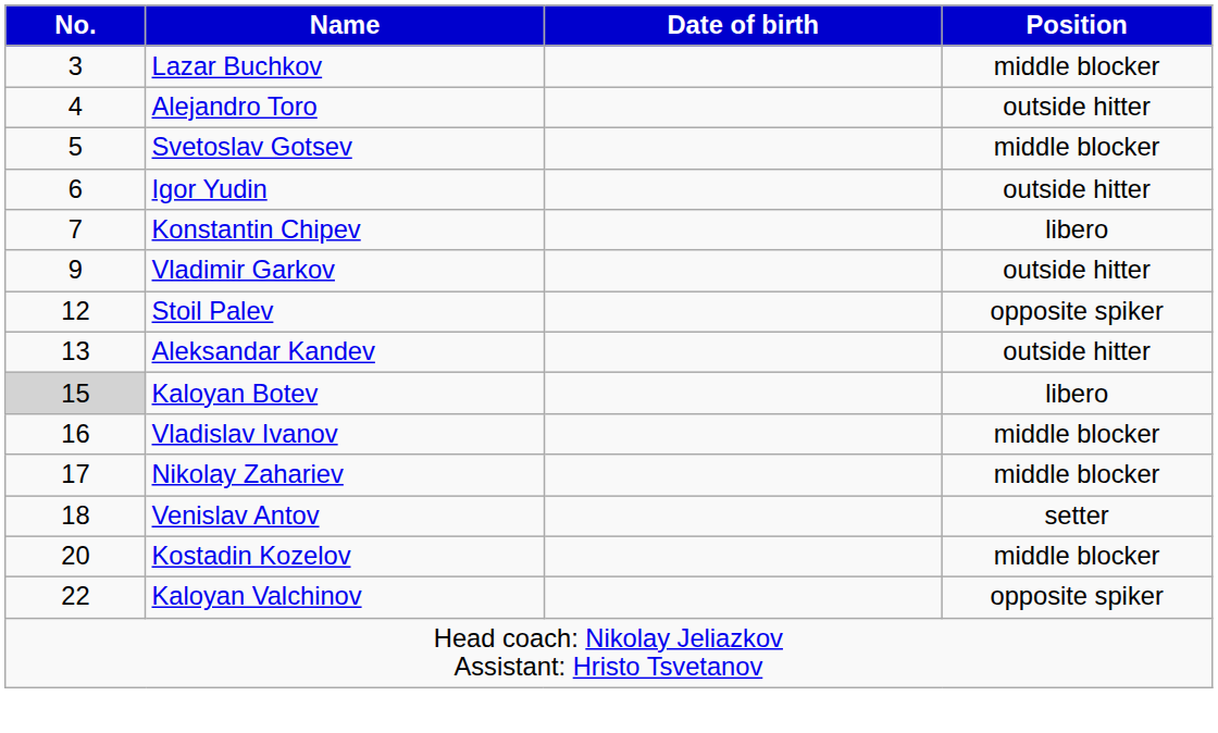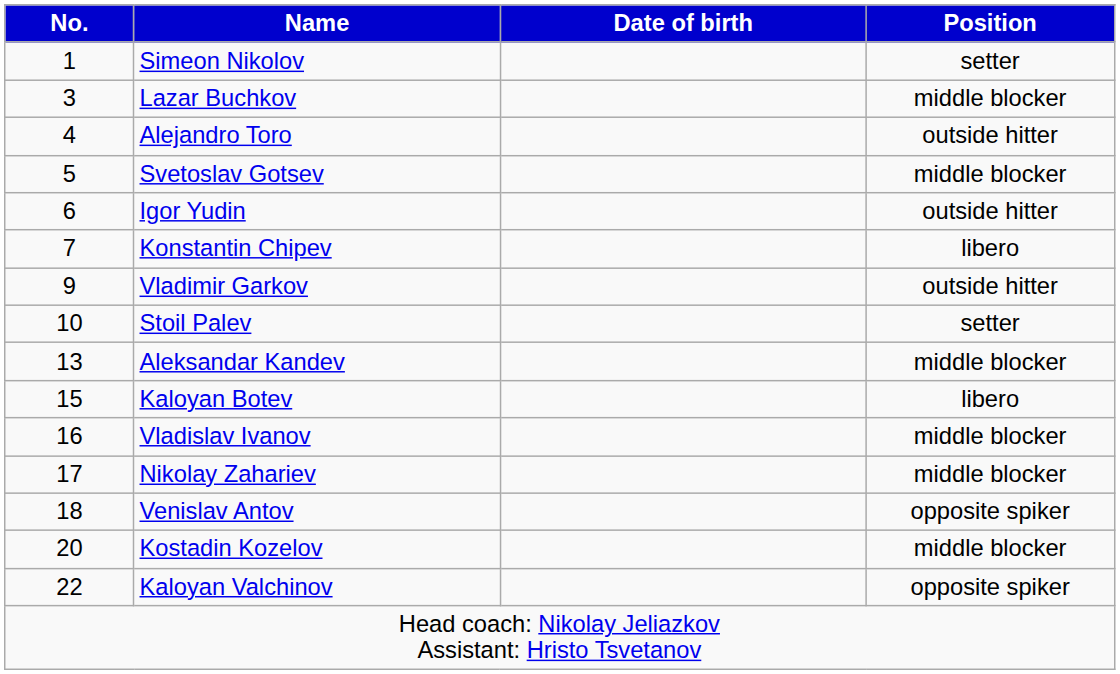 <table class="wikitable sortable" style="font-size:100%; text-align:center;">
 <tr>
 <th style="width:5em; color:#FFFFFF; background-color:#0000CD">No.</th>
 <th style="width:15em; color:#FFFFFF; background-color:#0000CD">Name</th>
 <th style="width:15em; color:#FFFFFF; background-color:#0000CD">Date of birth</th>
 <th style="width:10em; color:#FFFFFF; background-color:#0000CD">Position</th>
+</tr>
+<tr>
+<td>1</td>
+<td align=left> <a href='#'>Simeon Nikolov</a></td>
+<td align=right></td>
+<td>setter</td>
 </tr>
 <tr>
 <td>3</td>
 <td align=left> <a href='#'>Lazar Buchkov</a></td>
 <td align=right></td>
 <td>middle blocker</td>
 </tr>
 <tr>
 <td>4</td>
 <td align=left> <a href='#'>Alejandro Toro</a></td>
 <td align=right></td>
 <td>outside hitter</td>
 </tr>
 <tr>
 <td>5</td>
 <td align=left> <a href='#'>Svetoslav Gotsev</a></td>
 <td align=right></td>
 <td>middle blocker</td>
 </tr>
 <tr>
 <td>6</td>
 <td align=left> <a href='#'>Igor Yudin</a></td>
 <td align=right></td>
 <td>outside hitter</td>
 </tr>
 <tr>
 <td>7</td>
 <td align=left> <a href='#'>Konstantin Chipev</a></td>
 <td align=right></td>
 <td>libero</td>
 </tr>
 <tr>
 <td>9</td>
 <td align=left> <a href='#'>Vladimir Garkov</a></td>
 <td align=right></td>
 <td>outside hitter</td>
 </tr>
 <tr>
-<td>12</td>
+<td>10</td>
 <td align=left> <a href='#'>Stoil Palev</a></td>
 <td align=right></td>
-<td>opposite spiker</td>
+<td>setter</td>
 </tr>
 <tr>
 <td>13</td>
 <td align=left> <a href='#'>Aleksandar Kandev</a></td>
 <td align=right></td>
-<td>outside hitter</td>
+<td>middle blocker</td>
 </tr>
 <tr>
-<td style="background: lightgrey;">15</td>
+<td>15</td>
 <td align=left> <a href='#'>Kaloyan Botev</a></td>
 <td align=right></td>
 <td>libero</td>
 </tr>
 <tr>
 <td>16</td>
 <td align=left> <a href='#'>Vladislav Ivanov</a></td>
 <td align=right></td>
 <td>middle blocker</td>
 </tr>
 <tr>
 <td>17</td>
 <td align=left> <a href='#'>Nikolay Zahariev</a></td>
 <td align=right></td>
 <td>middle blocker</td>
 </tr>
 <tr>
 <td>18</td>
 <td align=left> <a href='#'>Venislav Antov</a></td>
 <td align=right></td>
-<td>setter</td>
+<td>opposite spiker</td>
 </tr>
 <tr>
 <td>20</td>
 <td align=left> <a href='#'>Kostadin Kozelov</a></td>
 <td align=right></td>
 <td>middle blocker</td>
 </tr>
 <tr>
 <td>22</td>
 <td align=left> <a href='#'>Kaloyan Valchinov</a></td>
 <td align=right></td>
 <td>opposite spiker</td>
 </tr>
 <tr>
 <td colspan=4>Head coach:  <a href='#'>Nikolay Jeliazkov</a><br>Assistant:  <a href='#'>Hristo Tsvetanov</a></td>
 </tr>
 </table>
